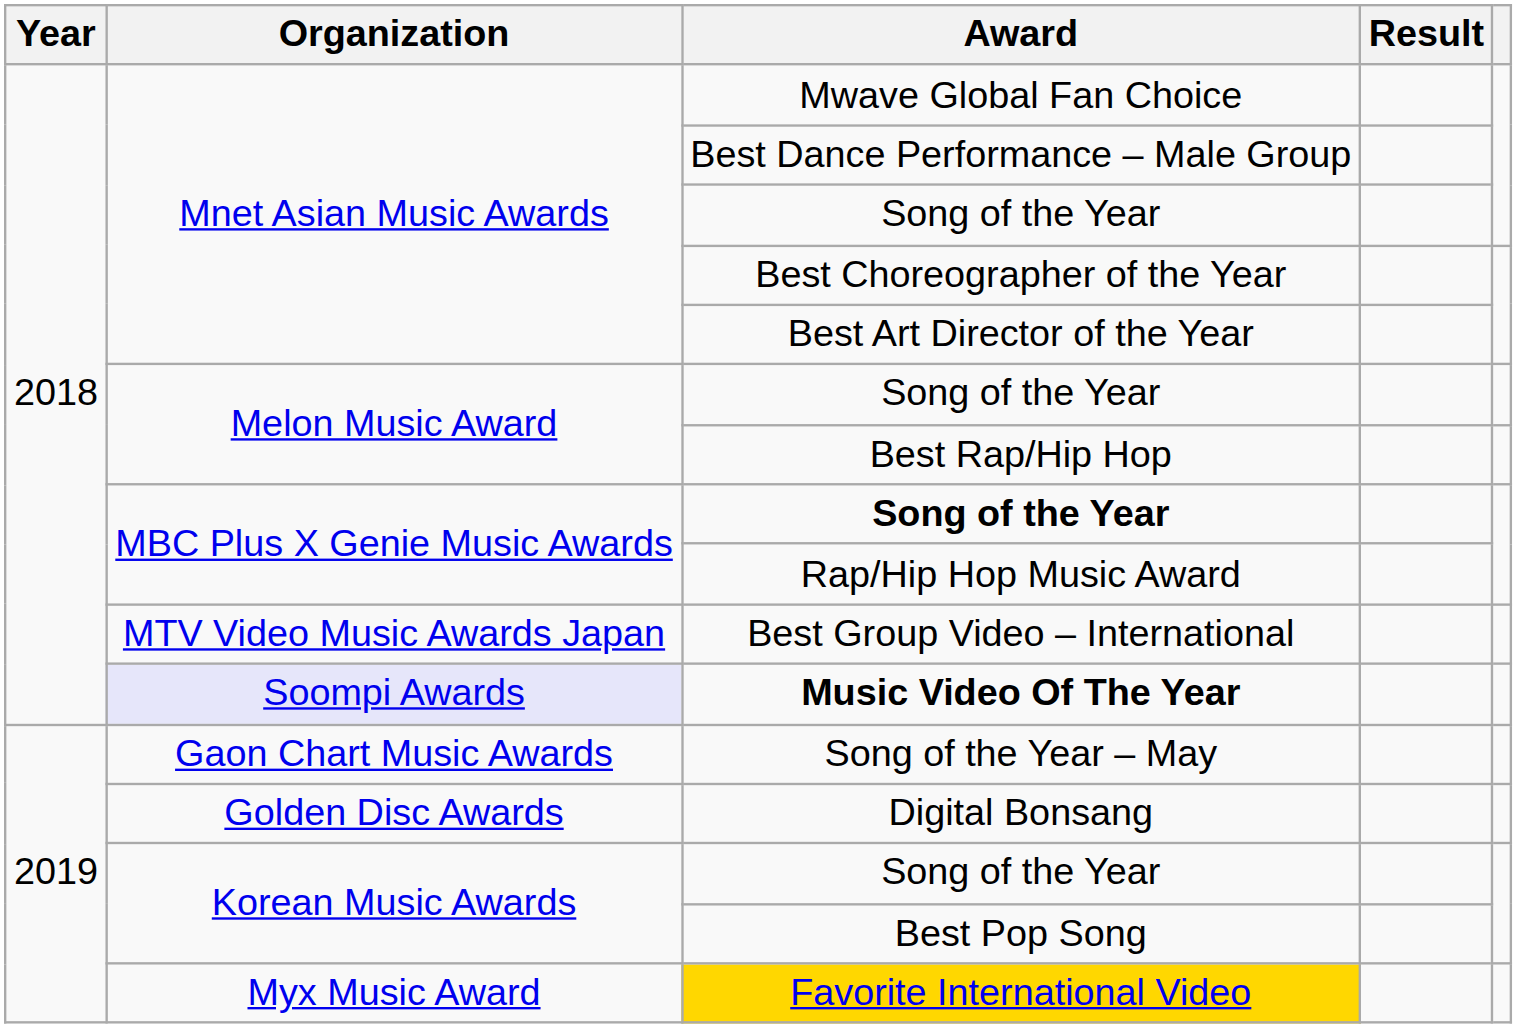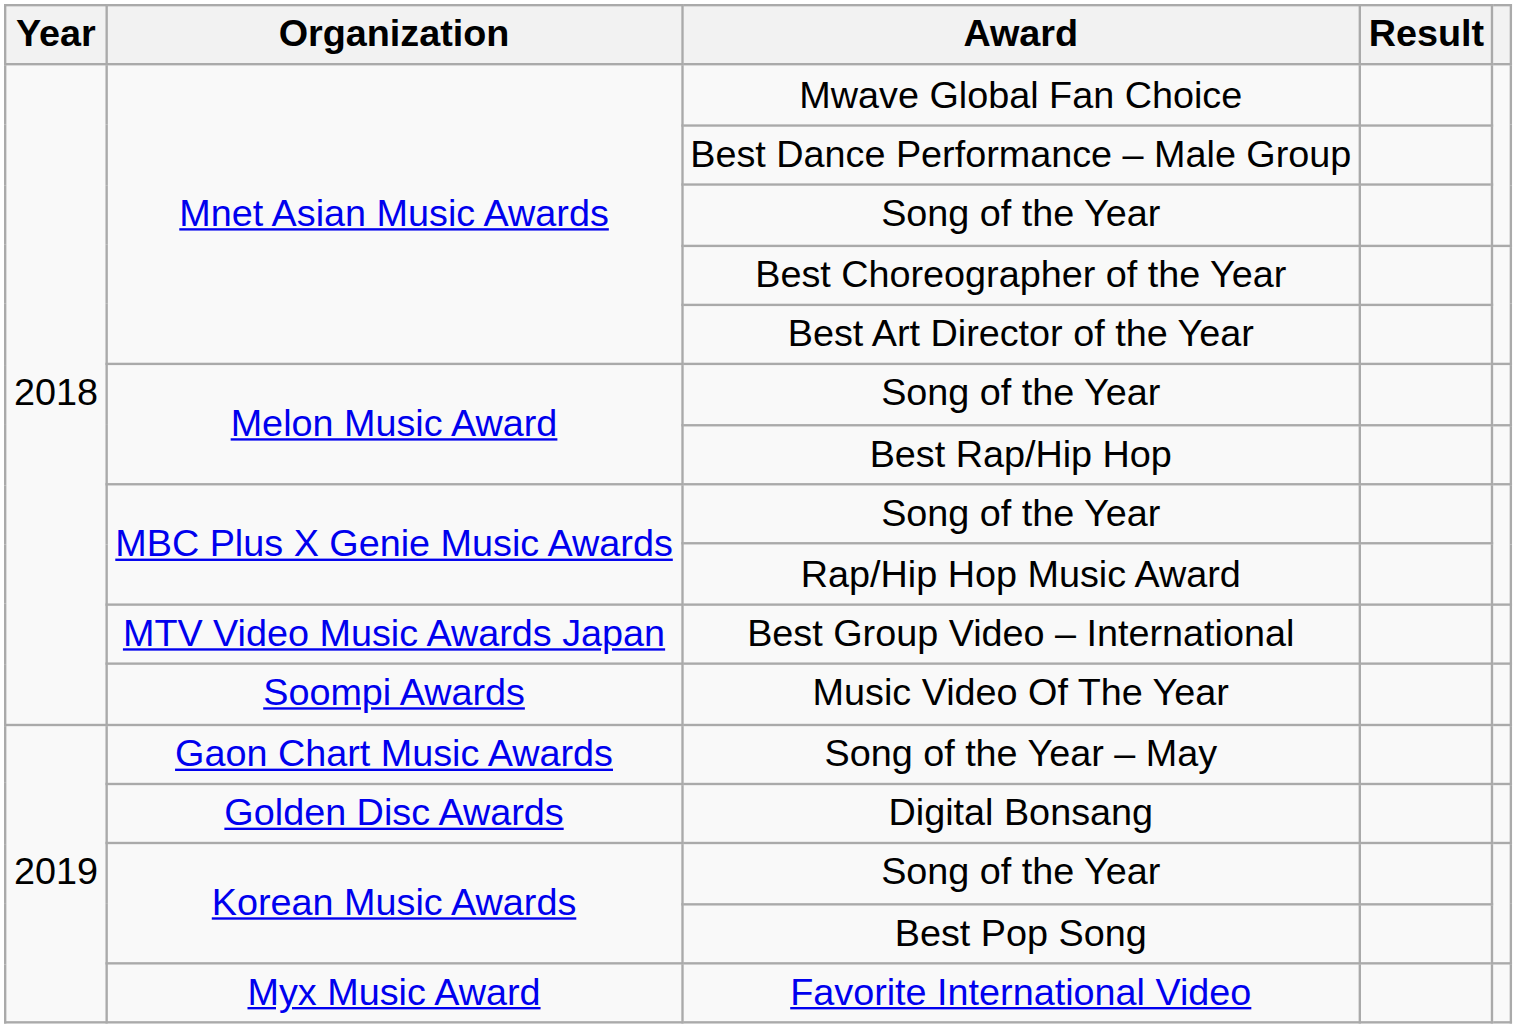 <table class="wikitable sortable plainrowheaders" style="text-align:center">
 <tr>
 <th scope="col">Year</th>
 <th scope="col">Organization</th>
 <th scope="col">Award</th>
 <th scope="col">Result</th>
 <th class="unsortable"></th>
 </tr>
 <tr>
 <td rowspan="11">2018</td>
 <td rowspan="5"><a href='#'>Mnet Asian Music Awards</a></td>
 <td>Mwave Global Fan Choice</td>
 <td></td>
 <td rowspan="3"></td>
 </tr>
 <tr>
 <td>Best Dance Performance – Male Group</td>
 <td></td>
 </tr>
 <tr>
 <td>Song of the Year</td>
 <td></td>
 </tr>
 <tr>
 <td>Best Choreographer of the Year</td>
 <td></td>
 <td rowspan="2"></td>
 </tr>
 <tr>
 <td>Best Art Director of the Year</td>
 <td></td>
 </tr>
 <tr>
 <td rowspan="2"><a href='#'>Melon Music Award</a></td>
 <td>Song of the Year</td>
 <td></td>
 <td></td>
 </tr>
 <tr>
 <td>Best Rap/Hip Hop</td>
 <td></td>
 <td></td>
 </tr>
 <tr>
 <td rowspan="2"><a href='#'>MBC Plus X Genie Music Awards</a></td>
-<td><strong>Song of the Year</strong></td>
+<td>Song of the Year</td>
 <td></td>
 <td rowspan=2></td>
 </tr>
 <tr>
 <td>Rap/Hip Hop Music Award</td>
 <td></td>
 </tr>
 <tr>
 <td><a href='#'>MTV Video Music Awards Japan</a></td>
 <td>Best Group Video – International</td>
 <td></td>
 <td></td>
 </tr>
 <tr>
-<td style="background: lavender;"><a href='#'>Soompi Awards</a></td>
-<td><strong>Music Video Of The Year</strong></td>
+<td><a href='#'>Soompi Awards</a></td>
+<td>Music Video Of The Year</td>
 <td></td>
 <td></td>
 </tr>
 <tr>
 <td rowspan="5">2019</td>
 <td><a href='#'>Gaon Chart Music Awards</a></td>
 <td>Song of the Year – May</td>
 <td></td>
 <td></td>
 </tr>
 <tr>
 <td><a href='#'>Golden Disc Awards</a></td>
 <td>Digital Bonsang</td>
 <td></td>
 <td style="text-align:center;"></td>
 </tr>
 <tr>
 <td rowspan="2"><a href='#'>Korean Music Awards</a></td>
 <td>Song of the Year</td>
 <td></td>
 <td rowspan="2"></td>
 </tr>
 <tr>
 <td style="text-align:center;">Best Pop Song</td>
 <td></td>
 </tr>
 <tr>
 <td><a href='#'>Myx Music Award</a></td>
-<td style="background: gold;"><a href='#'>Favorite International Video</a></td>
+<td><a href='#'>Favorite International Video</a></td>
 <td></td>
 <td></td>
 </tr>
 </table>
